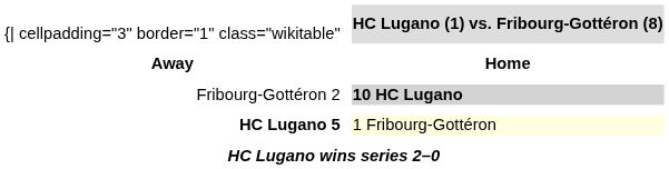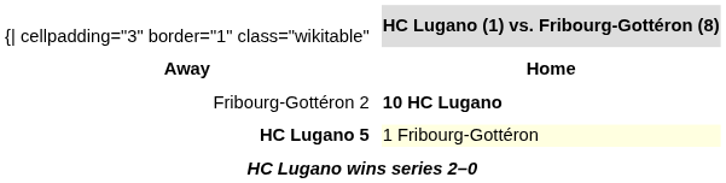 <table cellspacing="10">
 <tr>
 <td valign="top"><br>	{| cellpadding="3" border="1"  class="wikitable"</td>
 <th bgcolor="#DDDDDD" colspan="4">HC Lugano (1) vs. Fribourg-Gottéron (8)</th>
 </tr>
 <tr>
 <th>Away</th>
 <th>Home</th>
 </tr>
 <tr>
 <td align = "right">Fribourg-Gottéron 2</td>
-<td style="background: lightgrey;"><strong>10 HC Lugano</strong></td>
+<td><strong>10 HC Lugano</strong></td>
 </tr>
 <tr>
 <td align = "right"><strong>HC Lugano 5</strong></td>
 <td style="background: lightyellow;">1 Fribourg-Gottéron</td>
 </tr>
 <tr align="center">
 <td colspan="4"><strong><em>HC Lugano wins series 2–0</em></strong></td>
 </tr>
 </table>
